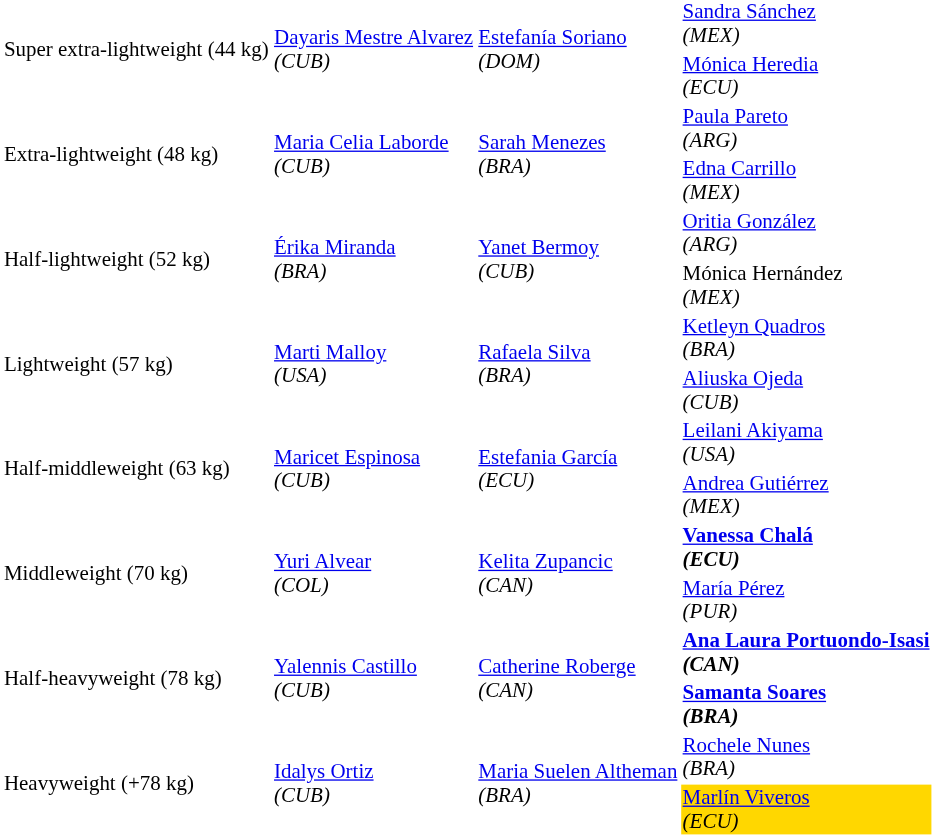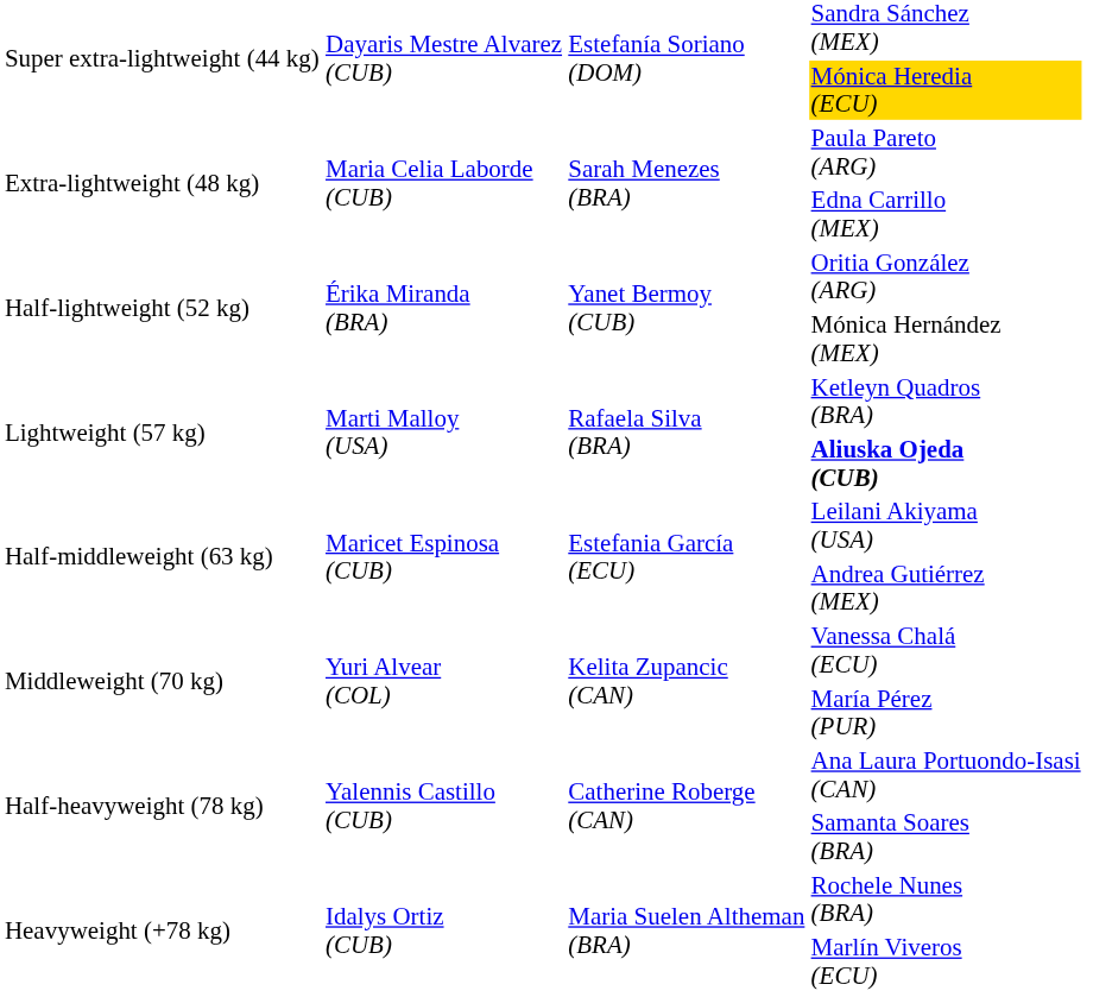 <table>
 <tr>
 <td rowspan=2>Super extra-lightweight (44 kg)</td>
 <td rowspan=2><a href='#'>Dayaris Mestre Alvarez</a><br> <em> (CUB)</em></td>
 <td rowspan=2><a href='#'>Estefanía Soriano</a> <br> <em> (DOM)</em></td>
 <td><a href='#'>Sandra Sánchez</a> <br> <em> (MEX)</em></td>
 </tr>
 <tr>
-<td><a href='#'>Mónica Heredia</a> <br> <em> (ECU)</em></td>
+<td style="background: gold;"><a href='#'>Mónica Heredia</a> <br> <em> (ECU)</em></td>
 </tr>
 <tr>
 <td rowspan=2>Extra-lightweight (48 kg)</td>
 <td rowspan=2><a href='#'>Maria Celia Laborde</a><br> <em> (CUB)</em></td>
 <td rowspan=2><a href='#'>Sarah Menezes</a> <br> <em> (BRA)</em></td>
 <td><a href='#'>Paula Pareto</a> <br> <em> (ARG)</em></td>
 </tr>
 <tr>
 <td><a href='#'>Edna Carrillo</a> <br> <em> (MEX)</em></td>
 </tr>
 <tr>
 <td rowspan=2>Half-lightweight (52 kg)</td>
 <td rowspan=2><a href='#'>Érika Miranda</a><br> <em> (BRA)</em></td>
 <td rowspan=2><a href='#'>Yanet Bermoy</a> <br> <em> (CUB)</em></td>
 <td><a href='#'>Oritia González</a> <br> <em> (ARG)</em></td>
 </tr>
 <tr>
 <td>Mónica Hernández <br> <em> (MEX)</em></td>
 </tr>
 <tr>
 <td rowspan=2>Lightweight (57 kg)</td>
 <td rowspan=2><a href='#'>Marti Malloy</a><br> <em> (USA)</em></td>
 <td rowspan=2><a href='#'>Rafaela Silva</a> <br> <em> (BRA)</em></td>
 <td><a href='#'>Ketleyn Quadros</a> <br> <em> (BRA)</em></td>
 </tr>
 <tr>
-<td><a href='#'>Aliuska Ojeda</a> <br> <em> (CUB)</em></td>
+<td><strong><a href='#'>Aliuska Ojeda</a> <br> <em> (CUB)</em></strong></td>
 </tr>
 <tr>
 <td rowspan=2>Half-middleweight (63 kg)</td>
 <td rowspan=2><a href='#'>Maricet Espinosa</a><br> <em> (CUB)</em></td>
 <td rowspan=2><a href='#'>Estefania García</a> <br> <em> (ECU)</em></td>
 <td><a href='#'>Leilani Akiyama</a> <br> <em> (USA)</em></td>
 </tr>
 <tr>
 <td><a href='#'>Andrea Gutiérrez</a> <br> <em> (MEX)</em></td>
 </tr>
 <tr>
 <td rowspan=2>Middleweight (70 kg)</td>
 <td rowspan=2><a href='#'>Yuri Alvear</a><br> <em> (COL)</em></td>
 <td rowspan=2><a href='#'>Kelita Zupancic</a> <br> <em> (CAN)</em></td>
-<td><strong><a href='#'>Vanessa Chalá</a> <br> <em> (ECU)</em></strong></td>
+<td><a href='#'>Vanessa Chalá</a> <br> <em> (ECU)</em></td>
 </tr>
 <tr>
 <td><a href='#'>María Pérez</a> <br> <em> (PUR)</em></td>
 </tr>
 <tr>
 <td rowspan=2>Half-heavyweight (78 kg)</td>
 <td rowspan=2><a href='#'>Yalennis Castillo</a><br> <em> (CUB)</em></td>
 <td rowspan=2><a href='#'>Catherine Roberge</a> <br> <em> (CAN)</em></td>
-<td><strong><a href='#'>Ana Laura Portuondo-Isasi</a> <br> <em> (CAN)</em></strong></td>
+<td><a href='#'>Ana Laura Portuondo-Isasi</a> <br> <em> (CAN)</em></td>
 </tr>
 <tr>
-<td><strong><a href='#'>Samanta Soares</a> <br> <em> (BRA)</em></strong></td>
+<td><a href='#'>Samanta Soares</a> <br> <em> (BRA)</em></td>
 </tr>
 <tr>
 <td rowspan=2>Heavyweight (+78 kg)</td>
 <td rowspan=2><a href='#'>Idalys Ortiz</a><br> <em> (CUB)</em></td>
 <td rowspan=2><a href='#'>Maria Suelen Altheman</a> <br> <em> (BRA)</em></td>
 <td><a href='#'>Rochele Nunes</a> <br> <em> (BRA)</em></td>
 </tr>
 <tr>
-<td style="background: gold;"><a href='#'>Marlín Viveros</a> <br> <em> (ECU)</em></td>
+<td><a href='#'>Marlín Viveros</a> <br> <em> (ECU)</em></td>
 </tr>
 </table>
